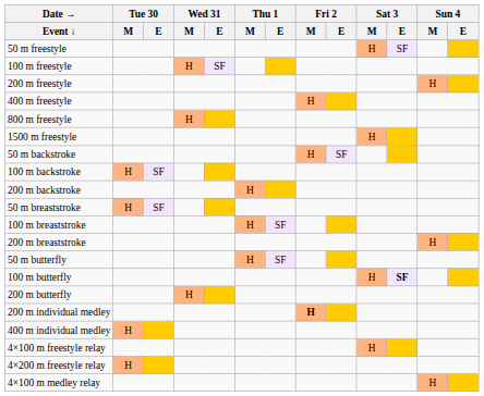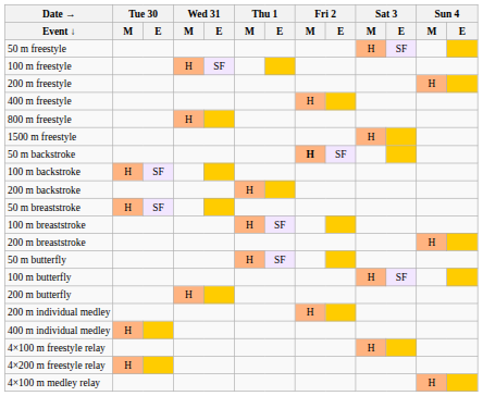 <table class="wikitable" style="margin:0.5em auto; font-size:95%; line-height:1.25em;">
 <tr style="text-align:center;">
 <th>Date →</th>
 <th colspan="2">Tue 30</th>
 <th colspan="2">Wed 31</th>
 <th colspan="2">Thu 1</th>
 <th colspan="2">Fri 2</th>
 <th colspan="2">Sat 3</th>
 <th colspan="2">Sun 4</th>
 </tr>
 <tr>
 <th>Event   ↓</th>
 <th style="width:2.5em;">M</th>
 <th style="width:2.5em;">E</th>
 <th style="width:2.5em;">M</th>
 <th style="width:2.5em;">E</th>
 <th style="width:2.5em;">M</th>
 <th style="width:2.5em;">E</th>
 <th style="width:2.5em;">M</th>
 <th style="width:2.5em;">E</th>
 <th style="width:2.5em;">M</th>
 <th style="width:2.5em;">E</th>
 <th style="width:2.5em;">M</th>
 <th style="width:2.5em;">E</th>
 </tr>
 <tr style="text-align:center;">
 <td style="text-align:left;">50 m freestyle</td>
 <td colspan="2"></td>
 <td colspan="2"></td>
 <td colspan="2"></td>
 <td colspan="2"></td>
 <td style="background-color:#ffb380;">H</td>
 <td style="background-color:#f2e6ff;">SF</td>
 <td></td>
 <td style="background-color:#ffcc00;"></td>
 </tr>
 <tr style="text-align:center;">
 <td style="text-align:left;">100 m freestyle</td>
 <td colspan="2"></td>
 <td style="background-color:#ffb380;">H</td>
 <td style="background-color:#f2e6ff;">SF</td>
 <td></td>
 <td style="background-color:#ffcc00;"></td>
 <td colspan="2"></td>
 <td colspan="2"></td>
 <td colspan="2"></td>
 </tr>
 <tr style="text-align:center;">
 <td style="text-align:left;">200 m freestyle</td>
 <td colspan="2"></td>
 <td colspan="2"></td>
 <td colspan="2"></td>
 <td colspan="2"></td>
 <td colspan="2"></td>
 <td style="background-color:#ffb380;">H</td>
 <td style="background-color:#ffcc00;"></td>
 </tr>
 <tr style="text-align:center;">
 <td style="text-align:left;">400 m freestyle</td>
 <td colspan="2"></td>
 <td colspan="2"></td>
 <td colspan="2"></td>
 <td style="background-color:#ffb380;">H</td>
 <td style="background-color:#ffcc00;"></td>
 <td colspan="2"></td>
 <td colspan="2"></td>
 </tr>
 <tr style="text-align:center;">
 <td style="text-align:left;">800 m freestyle</td>
 <td colspan="2"></td>
 <td style="background-color:#ffb380;">H</td>
 <td style="background-color:#ffcc00;"></td>
 <td colspan="2"></td>
 <td colspan="2"></td>
 <td colspan="2"></td>
 <td colspan="2"></td>
 </tr>
 <tr style="text-align:center;">
 <td style="text-align:left;">1500 m freestyle</td>
 <td colspan="2"></td>
 <td colspan="2"></td>
 <td colspan="2"></td>
 <td colspan="2"></td>
 <td style="background-color:#ffb380;">H</td>
 <td style="background-color:#ffcc00;"></td>
 <td colspan="2"></td>
 </tr>
 <tr style="text-align:center;">
 <td style="text-align:left;">50 m backstroke</td>
 <td colspan="2"></td>
 <td colspan="2"></td>
 <td colspan="2"></td>
-<td style="background-color:#ffb380;">H</td>
+<td style="background-color:#ffb380;"><strong>H</strong></td>
 <td style="background-color:#f2e6ff;">SF</td>
 <td></td>
 <td style="background-color:#ffcc00;"></td>
 <td colspan="2"></td>
 </tr>
 <tr style="text-align:center;">
 <td style="text-align:left;">100 m backstroke</td>
 <td style="background-color:#ffb380;">H</td>
 <td style="background-color:#f2e6ff;">SF</td>
 <td></td>
 <td style="background-color:#ffcc00;"></td>
 <td colspan="2"></td>
 <td colspan="2"></td>
 <td colspan="2"></td>
 <td colspan="2"></td>
 </tr>
 <tr style="text-align:center;">
 <td style="text-align:left;">200 m backstroke</td>
 <td colspan="2"></td>
 <td colspan="2"></td>
 <td style="background-color:#ffb380;">H</td>
 <td style="background-color:#ffcc00;"></td>
 <td colspan="2"></td>
 <td colspan="2"></td>
 <td colspan="2"></td>
 </tr>
 <tr style="text-align:center;">
 <td style="text-align:left;">50 m breaststroke</td>
 <td style="background-color:#ffb380;">H</td>
 <td style="background-color:#f2e6ff;">SF</td>
 <td></td>
 <td style="background-color:#ffcc00;"></td>
 <td colspan="2"></td>
 <td colspan="2"></td>
 <td colspan="2"></td>
 <td colspan="2"></td>
 </tr>
 <tr style="text-align:center;">
 <td style="text-align:left;">100 m breaststroke</td>
 <td colspan="2"></td>
 <td colspan="2"></td>
 <td style="background-color:#ffb380;">H</td>
 <td style="background-color:#f2e6ff;">SF</td>
 <td></td>
 <td style="background-color:#ffcc00;"></td>
 <td colspan="2"></td>
 <td colspan="2"></td>
 </tr>
 <tr style="text-align:center;">
 <td style="text-align:left;">200 m breaststroke</td>
 <td colspan="2"></td>
 <td colspan="2"></td>
 <td colspan="2"></td>
 <td colspan="2"></td>
 <td colspan="2"></td>
 <td style="background-color:#ffb380;">H</td>
 <td style="background-color:#ffcc00;"></td>
 </tr>
 <tr style="text-align:center;">
 <td style="text-align:left;">50 m butterfly</td>
 <td colspan="2"></td>
 <td colspan="2"></td>
 <td style="background-color:#ffb380;">H</td>
 <td style="background-color:#f2e6ff;">SF</td>
 <td></td>
 <td style="background-color:#ffcc00;"></td>
 <td colspan="2"></td>
 <td colspan="2"></td>
 </tr>
 <tr style="text-align:center;">
 <td style="text-align:left;">100 m butterfly</td>
 <td colspan="2"></td>
 <td colspan="2"></td>
 <td colspan="2"></td>
 <td colspan="2"></td>
 <td style="background-color:#ffb380;">H</td>
-<td style="background-color:#f2e6ff;"><strong>SF</strong></td>
+<td style="background-color:#f2e6ff;">SF</td>
 <td></td>
 <td style="background-color:#ffcc00;"></td>
 </tr>
 <tr style="text-align:center;">
 <td style="text-align:left;">200 m butterfly</td>
 <td colspan="2"></td>
 <td style="background-color:#ffb380;">H</td>
 <td style="background-color:#ffcc00;"></td>
 <td colspan="2"></td>
 <td colspan="2"></td>
 <td colspan="2"></td>
 <td colspan="2"></td>
 </tr>
 <tr style="text-align:center;">
 <td style="text-align:left;">200 m individual medley</td>
 <td colspan="2"></td>
 <td colspan="2"></td>
 <td colspan="2"></td>
-<td style="background-color:#ffb380;"><strong>H</strong></td>
+<td style="background-color:#ffb380;">H</td>
 <td style="background-color:#ffcc00;"></td>
 <td colspan="2"></td>
 <td colspan="2"></td>
 </tr>
 <tr style="text-align:center;">
 <td style="text-align:left;">400 m individual medley</td>
 <td style="background-color:#ffb380;">H</td>
 <td style="background-color:#ffcc00;"></td>
 <td colspan="2"></td>
 <td colspan="2"></td>
 <td colspan="2"></td>
 <td colspan="2"></td>
 <td colspan="2"></td>
 </tr>
 <tr style="text-align:center;">
 <td style="text-align:left;">4×100 m freestyle relay</td>
 <td colspan="2"></td>
 <td colspan="2"></td>
 <td colspan="2"></td>
 <td colspan="2"></td>
 <td style="background-color:#ffb380;">H</td>
 <td style="background-color:#ffcc00;"></td>
 <td colspan="2"></td>
 </tr>
 <tr style="text-align:center;">
 <td style="text-align:left;">4×200 m freestyle relay</td>
 <td style="background-color:#ffb380;">H</td>
 <td style="background-color:#ffcc00;"></td>
 <td colspan="2"></td>
 <td colspan="2"></td>
 <td colspan="2"></td>
 <td colspan="2"></td>
 <td colspan="2"></td>
 </tr>
 <tr style="text-align:center;">
 <td style="text-align:left;">4×100 m medley relay</td>
 <td colspan="2"></td>
 <td colspan="2"></td>
 <td colspan="2"></td>
 <td colspan="2"></td>
 <td colspan="2"></td>
 <td style="background-color:#ffb380;">H</td>
 <td style="background-color:#ffcc00;"></td>
 </tr>
 </table>
